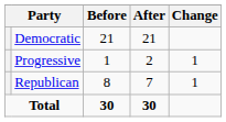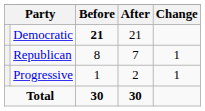 <table class="wikitable" style="text-align:center;">
 <tr>
 </tr>
 <tr>
 <th colspan=2>Party</th>
 <th>Before</th>
 <th>After</th>
 <th>Change</th>
 </tr>
 <tr>
 <th style="background-color:"></th>
 <td style="text-align:left;"><a href='#'>Democratic</a></td>
-<td>21</td>
+<td><strong>21</strong></td>
 <td>21</td>
 <td></td>
+</tr>
+<tr>
+<th style="background-color:"></th>
+<td style="text-align:left;"><a href='#'>Republican</a></td>
+<td>8</td>
+<td>7</td>
+<td> 1</td>
 </tr>
 <tr>
 <th style="background-color:"></th>
 <td style="text-align:left;"><a href='#'>Progressive</a></td>
 <td>1</td>
 <td>2</td>
 <td> 1</td>
 </tr>
 <tr>
-<th style="background-color:"></th>
-<td style="text-align:left;"><a href='#'>Republican</a></td>
-<td>8</td>
-<td>7</td>
-<td> 1</td>
-</tr>
-<tr>
 <td colspan=2><strong>Total</strong></td>
 <td><strong>30</strong></td>
 <td><strong>30</strong></td>
 <td></td>
 </tr>
 </table>
